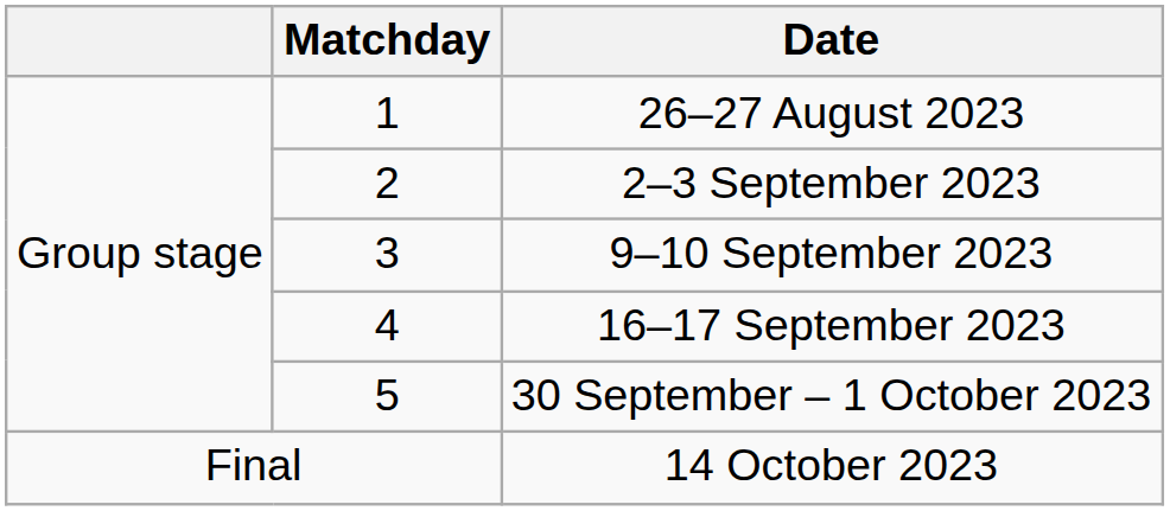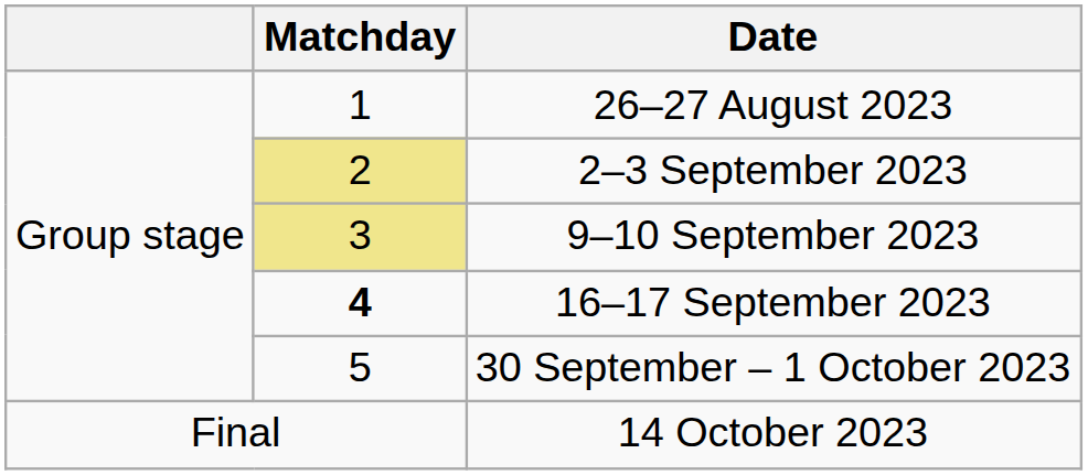 <table class="wikitable" style="text-align:center;">
 <tr>
 <th></th>
 <th>Matchday</th>
 <th>Date</th>
 </tr>
 <tr>
 <td rowspan="5">Group stage</td>
 <td>1</td>
 <td>26–27 August 2023</td>
 </tr>
 <tr>
-<td>2</td>
+<td style="background: khaki;">2</td>
 <td>2–3 September 2023</td>
 </tr>
 <tr>
-<td>3</td>
+<td style="background: khaki;">3</td>
 <td>9–10 September 2023</td>
 </tr>
 <tr>
-<td>4</td>
+<td><strong>4</strong></td>
 <td>16–17 September 2023</td>
 </tr>
 <tr>
 <td>5</td>
 <td>30 September – 1 October 2023</td>
 </tr>
 <tr>
 <td colspan="2">Final</td>
 <td>14 October 2023</td>
 </tr>
 </table>
